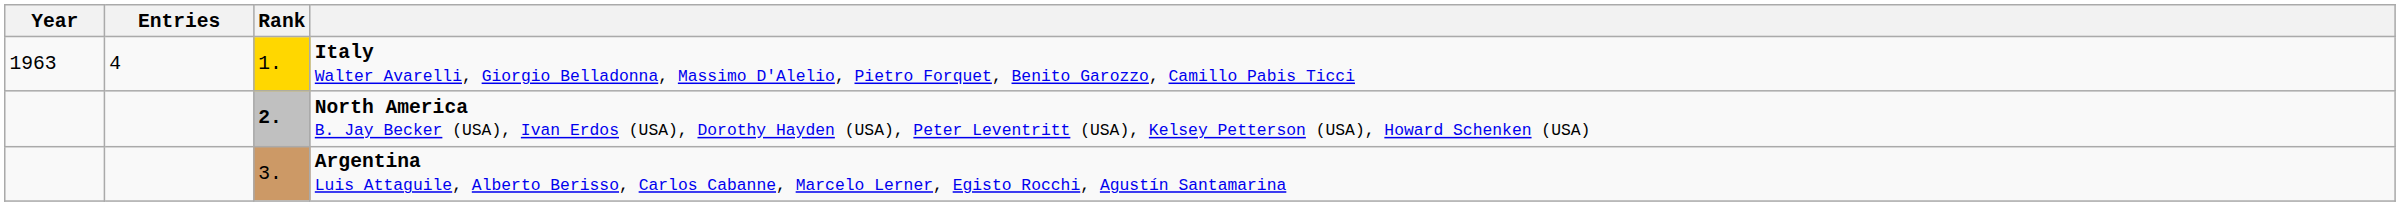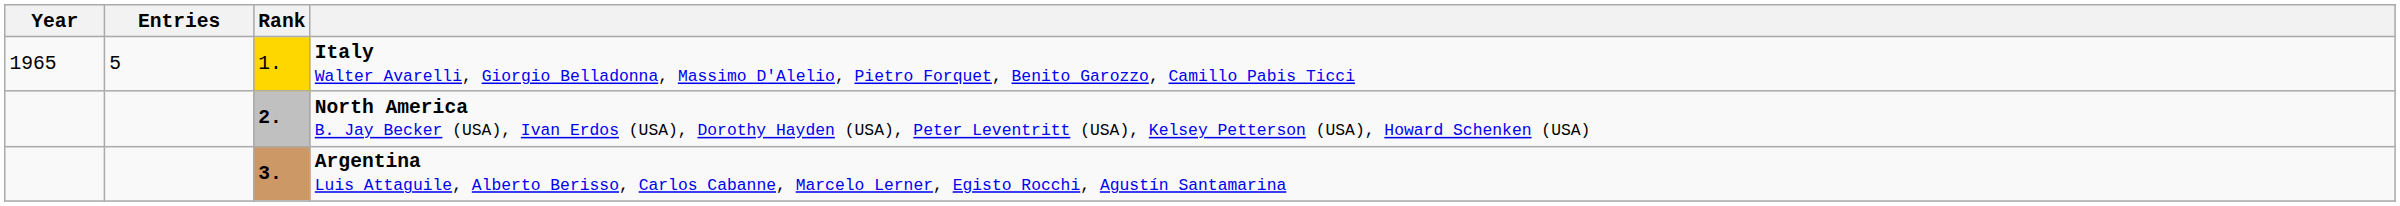 <table class="wikitable" style="width:100%;">
 <tr>
 <th>Year</th>
 <th>Entries</th>
 <th>Rank</th>
 <th></th>
 </tr>
 <tr>
-<td width=60>1963</td>
-<td>4</td>
+<td width=60>1965</td>
+<td>5</td>
 <td style="background:gold; width:30px;">1.</td>
 <td> <strong>Italy</strong><br><small><a href='#'>Walter Avarelli</a>, <a href='#'>Giorgio Belladonna</a>, <a href='#'>Massimo D'Alelio</a>, <a href='#'>Pietro Forquet</a>, <a href='#'>Benito Garozzo</a>, <a href='#'>Camillo Pabis Ticci</a></small></td>
 </tr>
 <tr>
 <td></td>
 <td></td>
 <td style="background:silver;"><strong>2.</strong></td>
 <td> <strong>North America</strong><br><small><a href='#'>B. Jay Becker</a> (USA), <a href='#'>Ivan Erdos</a> (USA), <a href='#'>Dorothy Hayden</a> (USA), <a href='#'>Peter Leventritt</a> (USA), <a href='#'>Kelsey Petterson</a> (USA), <a href='#'>Howard Schenken</a> (USA)</small></td>
 </tr>
 <tr>
 <td></td>
 <td></td>
-<td style="background:#c96;">3.</td>
+<td style="background:#c96;"><strong>3.</strong></td>
 <td> <strong>Argentina</strong><br><small><a href='#'>Luis Attaguile</a>, <a href='#'>Alberto Berisso</a>, <a href='#'>Carlos Cabanne</a>, <a href='#'>Marcelo Lerner</a>, <a href='#'>Egisto Rocchi</a>, <a href='#'>Agustín Santamarina</a></small></td>
 </tr>
 </table>
